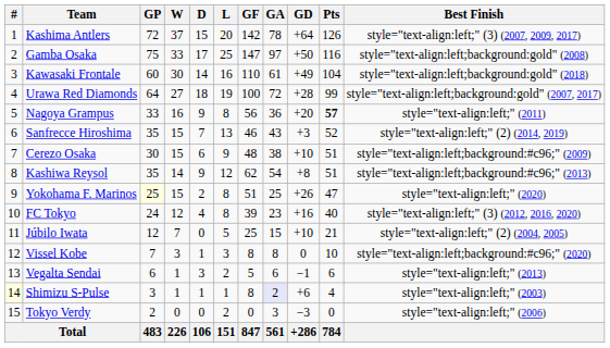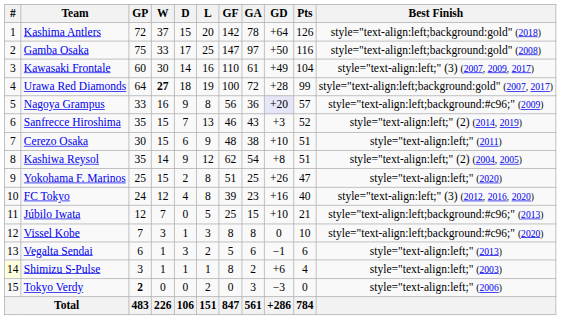 <table class="wikitable sortable" style="text-align:center">
 <tr>
 <th>#</th>
 <th>Team</th>
 <th>GP</th>
 <th>W</th>
 <th>D</th>
 <th>L</th>
 <th>GF</th>
 <th>GA</th>
 <th>GD</th>
 <th>Pts</th>
 <th>Best Finish</th>
 </tr>
 <tr>
 <td>1</td>
 <td align=left> <a href='#'>Kashima Antlers</a></td>
 <td>72</td>
 <td>37</td>
 <td>15</td>
 <td>20</td>
 <td>142</td>
 <td>78</td>
 <td>+64</td>
 <td>126</td>
-<td>style="text-align:left;"  (3) <small>(<a href='#'>2007</a>, <a href='#'>2009</a>, <a href='#'>2017</a>)</small></td>
+<td>style="text-align:left;background:gold"  <small>(<a href='#'>2018</a>)</small></td>
 </tr>
 <tr>
 <td>2</td>
 <td align=left> <a href='#'>Gamba Osaka</a></td>
 <td>75</td>
 <td>33</td>
 <td>17</td>
 <td>25</td>
 <td>147</td>
 <td>97</td>
 <td>+50</td>
 <td>116</td>
 <td>style="text-align:left;background:gold"  <small>(<a href='#'>2008</a>)</small></td>
 </tr>
 <tr>
 <td>3</td>
 <td align=left> <a href='#'>Kawasaki Frontale</a></td>
 <td>60</td>
 <td>30</td>
 <td>14</td>
 <td>16</td>
 <td>110</td>
 <td>61</td>
 <td>+49</td>
 <td>104</td>
-<td>style="text-align:left;background:gold"  <small>(<a href='#'>2018</a>)</small></td>
+<td>style="text-align:left;"  (3) <small>(<a href='#'>2007</a>, <a href='#'>2009</a>, <a href='#'>2017</a>)</small></td>
 </tr>
 <tr>
 <td>4</td>
 <td align=left> <a href='#'>Urawa Red Diamonds</a></td>
 <td>64</td>
-<td>27</td>
+<td><strong>27</strong></td>
 <td>18</td>
 <td>19</td>
 <td>100</td>
 <td>72</td>
 <td>+28</td>
 <td>99</td>
 <td>style="text-align:left;background:gold"  <small>(<a href='#'>2007</a>, <a href='#'>2017</a>)</small></td>
 </tr>
 <tr>
 <td>5</td>
 <td align=left> <a href='#'>Nagoya Grampus</a></td>
 <td>33</td>
 <td>16</td>
 <td>9</td>
 <td>8</td>
 <td>56</td>
 <td>36</td>
-<td>+20</td>
-<td><strong>57</strong></td>
-<td>style="text-align:left;"  <small>(<a href='#'>2011</a>)</small></td>
+<td style="background: lavender;">+20</td>
+<td>57</td>
+<td>style="text-align:left;background:#c96;"  <small>(<a href='#'>2009</a>)</small></td>
 </tr>
 <tr>
 <td>6</td>
 <td align=left> <a href='#'>Sanfrecce Hiroshima</a></td>
 <td>35</td>
 <td>15</td>
 <td>7</td>
 <td>13</td>
 <td>46</td>
 <td>43</td>
 <td>+3</td>
 <td>52</td>
 <td>style="text-align:left;"  (2) <small>(<a href='#'>2014</a>, <a href='#'>2019</a>)</small></td>
 </tr>
 <tr>
 <td>7</td>
 <td align=left> <a href='#'>Cerezo Osaka</a></td>
 <td>30</td>
 <td>15</td>
 <td>6</td>
 <td>9</td>
 <td>48</td>
 <td>38</td>
 <td>+10</td>
 <td>51</td>
-<td>style="text-align:left;background:#c96;"  <small>(<a href='#'>2009</a>)</small></td>
+<td>style="text-align:left;"  <small>(<a href='#'>2011</a>)</small></td>
 </tr>
 <tr>
 <td>8</td>
 <td align=left> <a href='#'>Kashiwa Reysol</a></td>
 <td>35</td>
 <td>14</td>
 <td>9</td>
 <td>12</td>
 <td>62</td>
 <td>54</td>
 <td>+8</td>
 <td>51</td>
-<td>style="text-align:left;background:#c96;"  <small>(<a href='#'>2013</a>)</small></td>
+<td>style="text-align:left;"  (2) <small>(<a href='#'>2004</a>, <a href='#'>2005</a>)</small></td>
 </tr>
 <tr>
 <td>9</td>
 <td align=left> <a href='#'>Yokohama F. Marinos</a></td>
-<td style="background: lightyellow;">25</td>
+<td>25</td>
 <td>15</td>
 <td>2</td>
 <td>8</td>
 <td>51</td>
 <td>25</td>
 <td>+26</td>
 <td>47</td>
 <td>style="text-align:left;"  <small>(<a href='#'>2020</a>)</small></td>
 </tr>
 <tr>
 <td>10</td>
 <td align=left> <a href='#'>FC Tokyo</a></td>
 <td>24</td>
 <td>12</td>
 <td>4</td>
 <td>8</td>
 <td>39</td>
 <td>23</td>
 <td>+16</td>
 <td>40</td>
 <td>style="text-align:left;"  (3) <small>(<a href='#'>2012</a>, <a href='#'>2016</a>, <a href='#'>2020</a>)</small></td>
 </tr>
 <tr>
 <td>11</td>
 <td align=left> <a href='#'>Júbilo Iwata</a></td>
 <td>12</td>
 <td>7</td>
 <td>0</td>
 <td>5</td>
 <td>25</td>
 <td>15</td>
 <td>+10</td>
 <td>21</td>
-<td>style="text-align:left;"  (2) <small>(<a href='#'>2004</a>, <a href='#'>2005</a>)</small></td>
+<td>style="text-align:left;background:#c96;"  <small>(<a href='#'>2013</a>)</small></td>
 </tr>
 <tr>
 <td>12</td>
 <td align=left> <a href='#'>Vissel Kobe</a></td>
 <td>7</td>
 <td>3</td>
 <td>1</td>
 <td>3</td>
 <td>8</td>
 <td>8</td>
 <td>0</td>
 <td>10</td>
 <td>style="text-align:left;background:#c96;"  <small>(<a href='#'>2020</a>)</small></td>
 </tr>
 <tr>
 <td>13</td>
 <td align=left> <a href='#'>Vegalta Sendai</a></td>
 <td>6</td>
 <td>1</td>
 <td>3</td>
 <td>2</td>
 <td>5</td>
 <td>6</td>
 <td>−1</td>
 <td>6</td>
 <td>style="text-align:left;"  <small>(<a href='#'>2013</a>)</small></td>
 </tr>
 <tr>
 <td style="background: lightyellow;">14</td>
 <td align=left> <a href='#'>Shimizu S-Pulse</a></td>
 <td>3</td>
 <td>1</td>
 <td>1</td>
 <td>1</td>
 <td>8</td>
-<td style="background: lavender;">2</td>
+<td>2</td>
 <td>+6</td>
 <td>4</td>
 <td>style="text-align:left;"  <small>(<a href='#'>2003</a>)</small></td>
 </tr>
 <tr>
 <td>15</td>
 <td align=left> <a href='#'>Tokyo Verdy</a></td>
-<td>2</td>
+<td><strong>2</strong></td>
 <td>0</td>
 <td>0</td>
 <td>2</td>
 <td>0</td>
 <td>3</td>
 <td>−3</td>
 <td>0</td>
 <td>style="text-align:left;"  <small>(<a href='#'>2006</a>)</small></td>
 </tr>
 <tr>
 <th colspan="2">Total</th>
 <th>483</th>
 <th>226</th>
 <th>106</th>
 <th>151</th>
 <th>847</th>
 <th>561</th>
 <th>+286</th>
 <th>784</th>
 <th></th>
 </tr>
 </table>
